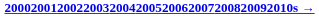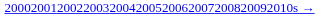 <table id="toc" class="toc" summary="Contents">
 <tr>
 <th></th>
 </tr>
 <tr>
-<td align="center"><strong><a href='#'>2000</a><a href='#'>2001</a><a href='#'>2002</a><a href='#'>2003</a><a href='#'>2004</a><a href='#'>2005</a><a href='#'>2006</a><a href='#'>2007</a><a href='#'>2008</a><a href='#'>2009</a><a href='#'>2010s →</a></strong></td>
+<td align="center"><a href='#'>2000</a><a href='#'>2001</a><a href='#'>2002</a><a href='#'>2003</a><a href='#'>2004</a><a href='#'>2005</a><a href='#'>2006</a><a href='#'>2007</a><a href='#'>2008</a><a href='#'>2009</a><a href='#'>2010s →</a></td>
 </tr>
 </table>
